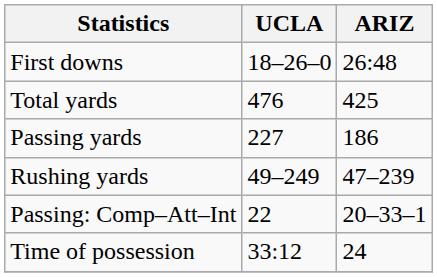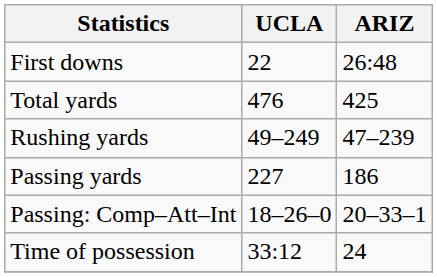 <table class="wikitable" style="float: left;">
 <tr>
 <th>Statistics</th>
 <th>UCLA</th>
 <th>ARIZ</th>
 </tr>
 <tr>
 <td>First downs</td>
-<td>18–26–0</td>
+<td>22</td>
 <td>26:48</td>
 </tr>
 <tr>
 <td>Total yards</td>
 <td>476</td>
 <td>425</td>
 </tr>
 <tr>
+<td>Rushing yards</td>
+<td>49–249</td>
+<td>47–239</td>
+</tr>
+<tr>
 <td>Passing yards</td>
 <td>227</td>
 <td>186</td>
 </tr>
 <tr>
-<td>Rushing yards</td>
-<td>49–249</td>
-<td>47–239</td>
-</tr>
-<tr>
 <td>Passing: Comp–Att–Int</td>
-<td>22</td>
+<td>18–26–0</td>
 <td>20–33–1</td>
 </tr>
 <tr>
 <td>Time of possession</td>
 <td>33:12</td>
 <td>24</td>
 </tr>
 <tr>
 </tr>
 </table>
